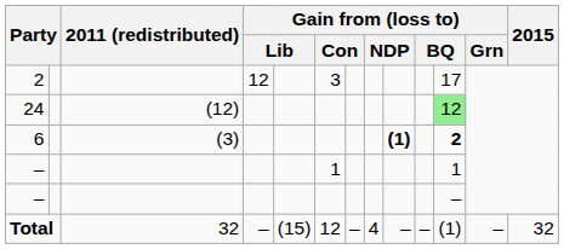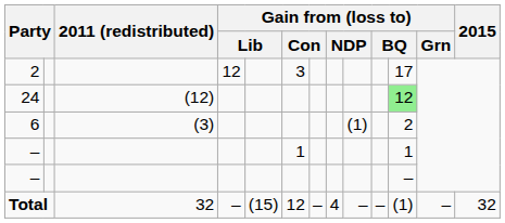 <table class="wikitable" style="text-align:right">
 <tr>
 <th rowspan="2" colspan="2">Party</th>
 <th rowspan="2">2011 (redistributed)</th>
 <th colspan="9">Gain from (loss to)</th>
 <th rowspan="2">2015</th>
 </tr>
 <tr>
 <th colspan="2">Lib</th>
 <th colspan="2">Con</th>
 <th colspan="2">NDP</th>
 <th colspan="2">BQ</th>
 <th>Grn</th>
 </tr>
 <tr>
 <td>2</td>
 <td></td>
 <td></td>
 <td>12</td>
 <td></td>
 <td>3</td>
 <td></td>
 <td></td>
 <td></td>
 <td></td>
 <td>17</td>
 </tr>
 <tr>
 <td>24</td>
 <td></td>
 <td>(12)</td>
 <td></td>
 <td></td>
 <td></td>
 <td></td>
 <td></td>
 <td></td>
 <td></td>
 <td style="background: lightgreen;">12</td>
 </tr>
 <tr>
 <td>6</td>
 <td></td>
 <td>(3)</td>
 <td></td>
 <td></td>
 <td></td>
 <td></td>
 <td></td>
-<td><strong>(1)</strong></td>
+<td>(1)</td>
 <td></td>
-<td><strong>2</strong></td>
+<td>2</td>
 </tr>
 <tr>
 <td>–</td>
 <td></td>
 <td></td>
 <td></td>
 <td></td>
 <td>1</td>
 <td></td>
 <td></td>
 <td></td>
 <td></td>
 <td>1</td>
 </tr>
 <tr>
 <td>–</td>
 <td></td>
 <td></td>
 <td></td>
 <td></td>
 <td></td>
 <td></td>
 <td></td>
 <td></td>
 <td></td>
 <td>–</td>
 </tr>
 <tr>
 <td colspan="2" style="text-align:left;"><strong>Total</strong></td>
 <td>32</td>
 <td>–</td>
 <td>(15)</td>
 <td>12</td>
 <td>–</td>
 <td>4</td>
 <td>–</td>
 <td>–</td>
 <td>(1)</td>
 <td>–</td>
 <td>32</td>
 </tr>
 </table>
